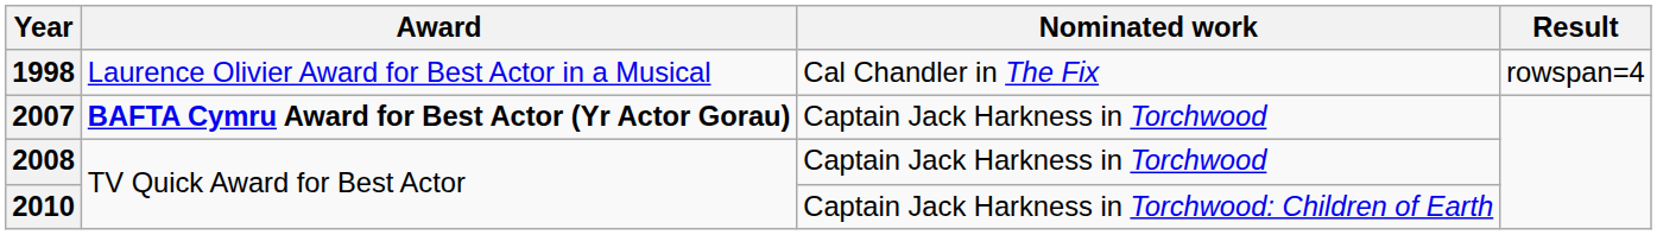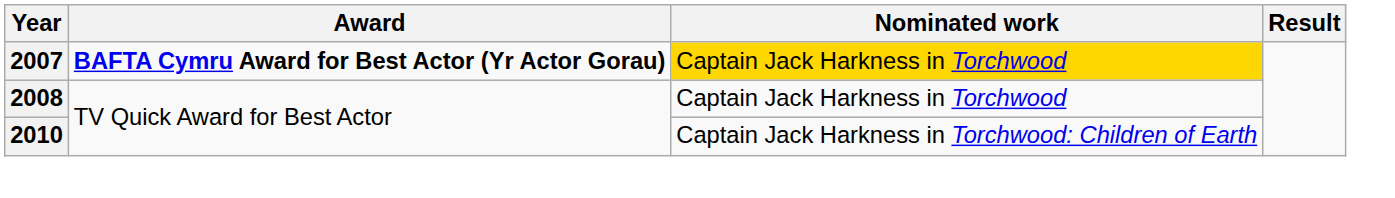 <table class="wikitable plainrowheaders sortable">
 <tr>
 <th scope="col">Year</th>
 <th scope="col">Award</th>
 <th scope="col">Nominated work</th>
 <th scope="col">Result</th>
 </tr>
 <tr>
-<th scope=row>1998</th>
-<td><a href='#'>Laurence Olivier Award for Best Actor in a Musical</a></td>
-<td>Cal Chandler in <em><a href='#'>The Fix</a></em></td>
-<td>rowspan=4 </td>
-</tr>
-<tr>
 <th scope=row>2007</th>
 <td><strong><a href='#'>BAFTA Cymru</a> Award for Best Actor (Yr Actor Gorau)</strong></td>
-<td>Captain Jack Harkness in <em><a href='#'>Torchwood</a></em></td>
+<td style="background: gold;">Captain Jack Harkness in <em><a href='#'>Torchwood</a></em></td>
 </tr>
 <tr>
 <th scope=row>2008</th>
 <td rowspan="2">TV Quick Award for Best Actor</td>
 <td>Captain Jack Harkness in <em><a href='#'>Torchwood</a></em></td>
 </tr>
 <tr>
 <th scope=row>2010</th>
 <td>Captain Jack Harkness in <em><a href='#'>Torchwood: Children of Earth</a></em></td>
 </tr>
 </table>
